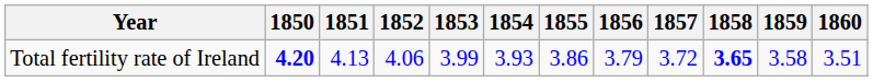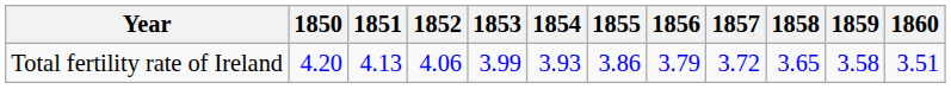 <table class="wikitable " style="text-align:right">
 <tr>
 <th>Year</th>
 <th>1850</th>
 <th>1851</th>
 <th>1852</th>
 <th>1853</th>
 <th>1854</th>
 <th>1855</th>
 <th>1856</th>
 <th>1857</th>
 <th>1858</th>
 <th>1859</th>
 <th>1860</th>
 </tr>
 <tr>
 <td align="left">Total fertility rate of Ireland</td>
-<td style="text-align:right; color:blue;"><strong>4.20</strong></td>
+<td style="text-align:right; color:blue;">4.20</td>
 <td style="text-align:right; color:blue;">4.13</td>
 <td style="text-align:right; color:blue;">4.06</td>
 <td style="text-align:right; color:blue;">3.99</td>
 <td style="text-align:right; color:blue;">3.93</td>
 <td style="text-align:right; color:blue;">3.86</td>
 <td style="text-align:right; color:blue;">3.79</td>
 <td style="text-align:right; color:blue;">3.72</td>
-<td style="text-align:right; color:blue;"><strong>3.65</strong></td>
+<td style="text-align:right; color:blue;">3.65</td>
 <td style="text-align:right; color:blue;">3.58</td>
 <td style="text-align:right; color:blue;">3.51</td>
 </tr>
 </table>
